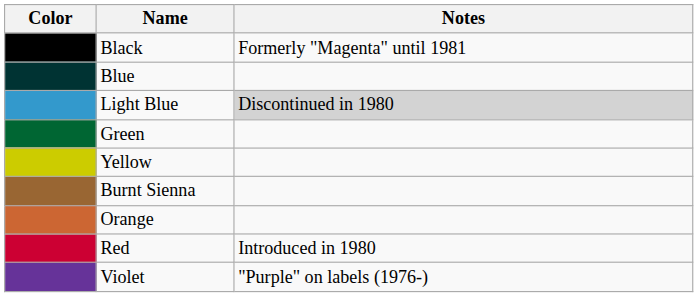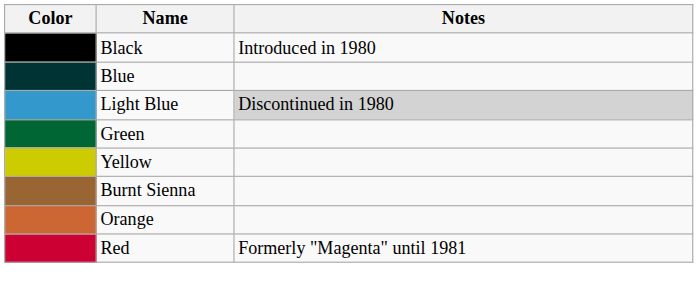 <table class="wikitable sortable">
 <tr>
 <th width=10%>Color</th>
 <th width=15%>Name</th>
 <th width=50%>Notes</th>
 </tr>
 <tr>
 <td style="background: #000000"></td>
 <td>Black</td>
-<td>Formerly "Magenta" until 1981</td>
+<td>Introduced in 1980</td>
 </tr>
 <tr>
 <td style="background: #003333"></td>
 <td>Blue</td>
 <td></td>
 </tr>
 <tr>
 <td style="background: #3399CC"></td>
 <td>Light Blue</td>
 <td style="background: lightgrey;">Discontinued in 1980</td>
 </tr>
 <tr>
 <td style="background: #006633"></td>
 <td>Green</td>
 <td></td>
 </tr>
 <tr>
 <td style="background: #CCCC00 "></td>
 <td>Yellow</td>
 <td></td>
 </tr>
 <tr>
 <td style="background: #996633"></td>
 <td>Burnt Sienna</td>
 <td></td>
 </tr>
 <tr>
 <td style="background: #CC6633"></td>
 <td>Orange</td>
 <td></td>
 </tr>
 <tr>
 <td style="background: #CC0033"></td>
 <td>Red</td>
-<td>Introduced in 1980</td>
-</tr>
-<tr>
-<td style="background: #663399"></td>
-<td>Violet</td>
-<td>"Purple" on labels (1976-)</td>
+<td>Formerly "Magenta" until 1981</td>
 </tr>
 </table>
